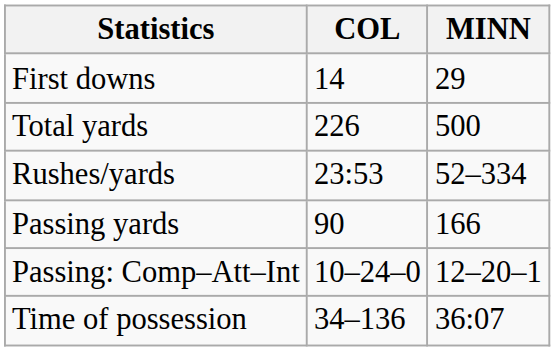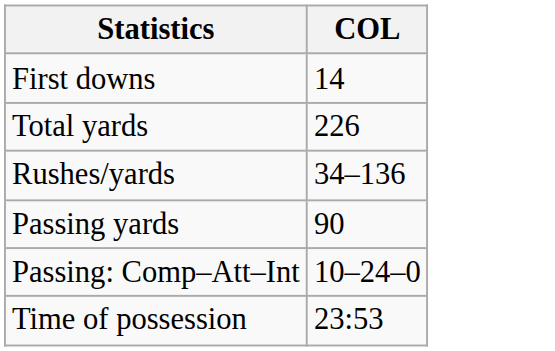 <table class="wikitable" style="float: left;">
 <tr>
 <th>Statistics</th>
 <th>COL</th>
-<th>MINN</th>
 </tr>
 <tr>
 <td>First downs</td>
 <td>14</td>
-<td>29</td>
 </tr>
 <tr>
 <td>Total yards</td>
 <td>226</td>
-<td>500</td>
 </tr>
 <tr>
 <td>Rushes/yards</td>
-<td>23:53</td>
-<td>52–334</td>
+<td>34–136</td>
 </tr>
 <tr>
 <td>Passing yards</td>
 <td>90</td>
-<td>166</td>
 </tr>
 <tr>
 <td>Passing: Comp–Att–Int</td>
 <td>10–24–0</td>
-<td>12–20–1</td>
 </tr>
 <tr>
 <td>Time of possession</td>
-<td>34–136</td>
-<td>36:07</td>
+<td>23:53</td>
 </tr>
 </table>
